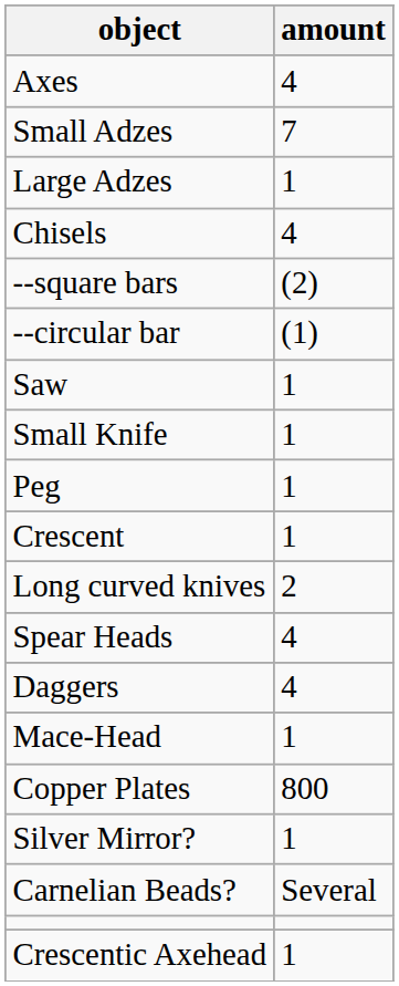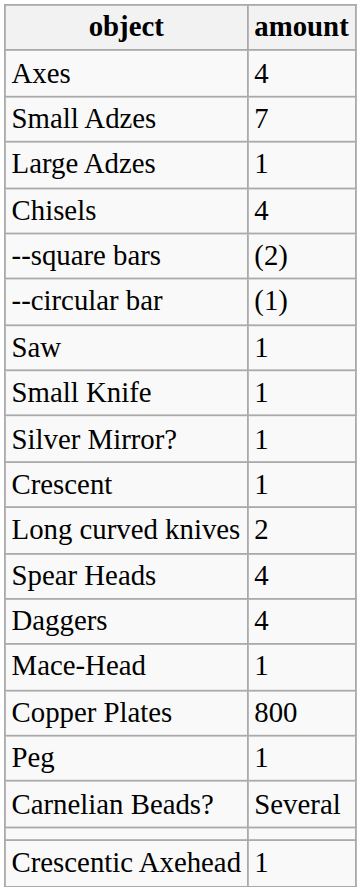 <table class="wikitable">
 <tr>
 <th>object</th>
 <th>amount</th>
 </tr>
 <tr>
 <td>Axes</td>
 <td>4</td>
 </tr>
 <tr>
 <td>Small Adzes</td>
 <td>7</td>
 </tr>
 <tr>
 <td>Large Adzes</td>
 <td>1</td>
 </tr>
 <tr>
 <td>Chisels</td>
 <td>4</td>
 </tr>
 <tr>
 <td>--square bars</td>
 <td>(2)</td>
 </tr>
 <tr>
 <td>--circular bar</td>
 <td>(1)</td>
 </tr>
 <tr>
 <td>Saw</td>
 <td>1</td>
 </tr>
 <tr>
 <td>Small Knife</td>
 <td>1</td>
 </tr>
 <tr>
-<td>Peg</td>
+<td>Silver Mirror?</td>
 <td>1</td>
 </tr>
 <tr>
 <td>Crescent</td>
 <td>1</td>
 </tr>
 <tr>
 <td>Long curved knives</td>
 <td>2</td>
 </tr>
 <tr>
 <td>Spear Heads</td>
 <td>4</td>
 </tr>
 <tr>
 <td>Daggers</td>
 <td>4</td>
 </tr>
 <tr>
 <td>Mace-Head</td>
 <td>1</td>
 </tr>
 <tr>
 <td>Copper Plates</td>
 <td>800</td>
 </tr>
 <tr>
-<td>Silver Mirror?</td>
+<td>Peg</td>
 <td>1</td>
 </tr>
 <tr>
 <td>Carnelian Beads?</td>
 <td>Several</td>
 </tr>
 <tr>
 <td></td>
 <td></td>
 </tr>
 <tr>
 <td>Crescentic Axehead</td>
 <td>1</td>
 </tr>
 <tr>
 </tr>
 </table>
